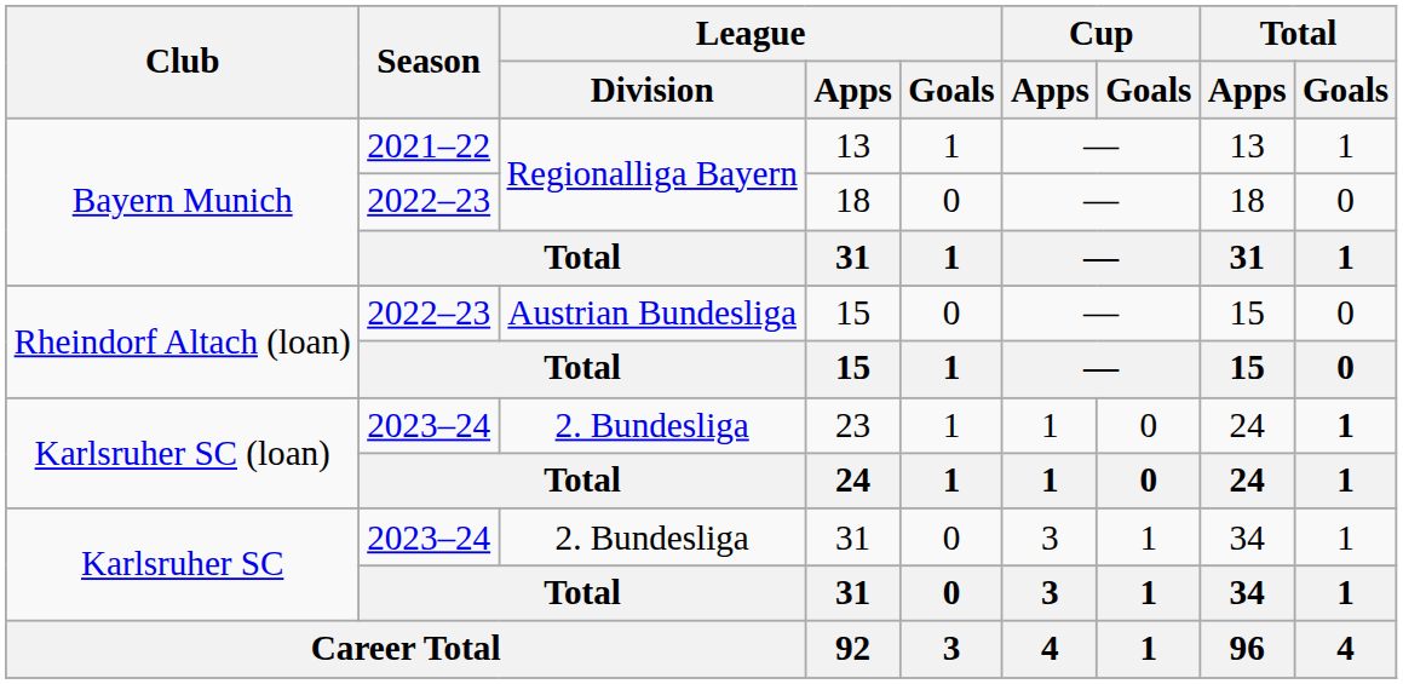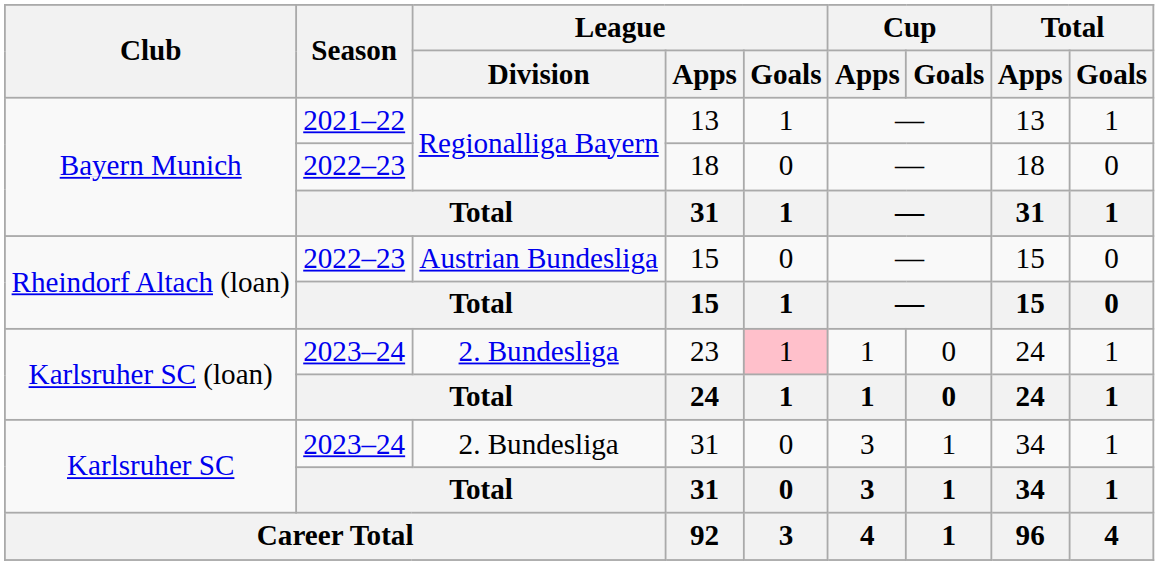 <table class="wikitable" Style="text-align: center">
 <tr>
 <th rowspan="2">Club</th>
 <th rowspan="2">Season</th>
 <th colspan="3">League</th>
 <th colspan="2">Cup</th>
 <th colspan="2">Total</th>
 </tr>
 <tr>
 <th>Division</th>
 <th>Apps</th>
 <th>Goals</th>
 <th>Apps</th>
 <th>Goals</th>
 <th>Apps</th>
 <th>Goals</th>
 </tr>
 <tr>
 <td rowspan="3"><a href='#'>Bayern Munich</a></td>
 <td><a href='#'>2021–22</a></td>
 <td rowspan="2"><a href='#'>Regionalliga Bayern</a></td>
 <td>13</td>
 <td>1</td>
 <td colspan="2">—</td>
 <td>13</td>
 <td>1</td>
 </tr>
 <tr>
 <td><a href='#'>2022–23</a></td>
 <td>18</td>
 <td>0</td>
 <td colspan="2">—</td>
 <td>18</td>
 <td>0</td>
 </tr>
 <tr>
 <th colspan="2">Total</th>
 <th>31</th>
 <th>1</th>
 <th colspan="2">—</th>
 <th>31</th>
 <th>1</th>
 </tr>
 <tr>
 <td rowspan="2"><a href='#'>Rheindorf Altach</a> (loan)</td>
 <td><a href='#'>2022–23</a></td>
 <td><a href='#'>Austrian Bundesliga</a></td>
 <td>15</td>
 <td>0</td>
 <td colspan="2">—</td>
 <td>15</td>
 <td>0</td>
 </tr>
 <tr>
 <th colspan="2">Total</th>
 <th>15</th>
 <th>1</th>
 <th colspan="2">—</th>
 <th>15</th>
 <th>0</th>
 </tr>
 <tr>
 <td rowspan="2"><a href='#'>Karlsruher SC</a> (loan)</td>
 <td><a href='#'>2023–24</a></td>
 <td><a href='#'>2. Bundesliga</a></td>
 <td>23</td>
-<td>1</td>
+<td style="background: pink;">1</td>
 <td>1</td>
 <td>0</td>
 <td>24</td>
-<td><strong>1</strong></td>
+<td>1</td>
 </tr>
 <tr>
 <th colspan="2">Total</th>
 <th>24</th>
 <th>1</th>
 <th>1</th>
 <th>0</th>
 <th>24</th>
 <th>1</th>
 </tr>
 <tr>
 <td rowspan="2"><a href='#'>Karlsruher SC</a></td>
 <td><a href='#'>2023–24</a></td>
 <td>2. Bundesliga</td>
 <td>31</td>
 <td>0</td>
 <td>3</td>
 <td>1</td>
 <td>34</td>
 <td>1</td>
 </tr>
 <tr>
 <th colspan="2">Total</th>
 <th>31</th>
 <th>0</th>
 <th>3</th>
 <th>1</th>
 <th>34</th>
 <th>1</th>
 </tr>
 <tr>
 <th colspan="3">Career Total</th>
 <th>92</th>
 <th>3</th>
 <th>4</th>
 <th>1</th>
 <th>96</th>
 <th>4</th>
 </tr>
 </table>
